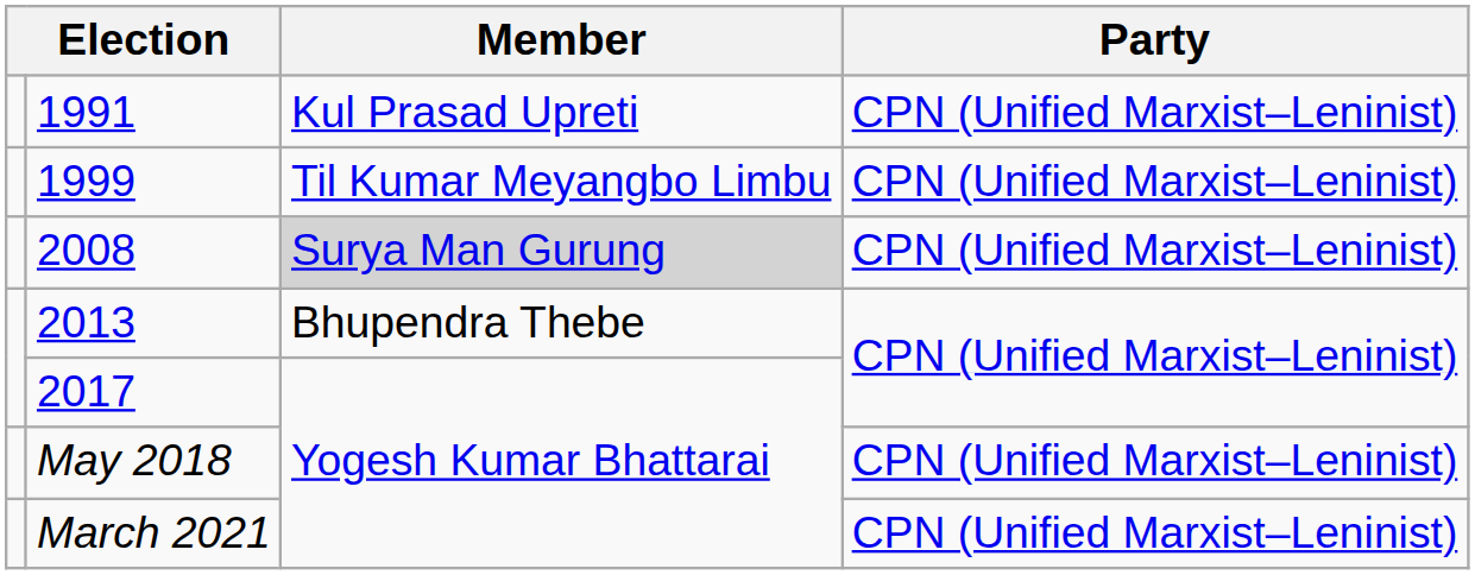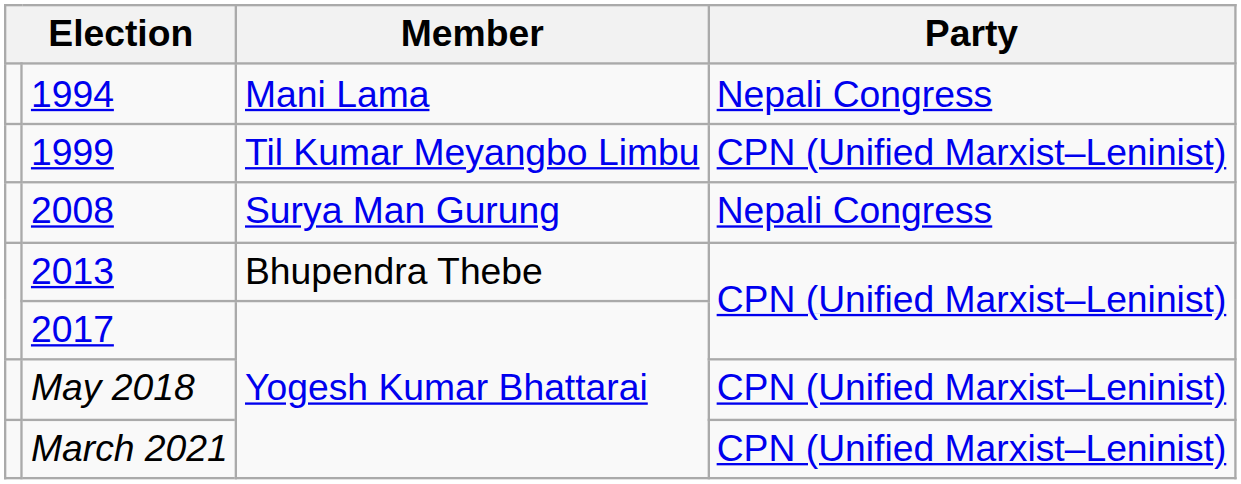 <table class="wikitable">
 <tr>
 <th colspan="2">Election</th>
 <th>Member</th>
 <th>Party</th>
 </tr>
 <tr>
 <td style="background-color:"></td>
-<td><a href='#'>1991</a></td>
-<td><a href='#'>Kul Prasad Upreti</a></td>
-<td><a href='#'>CPN (Unified Marxist–Leninist)</a></td>
+<td><a href='#'>1994</a></td>
+<td><a href='#'>Mani Lama</a></td>
+<td><a href='#'>Nepali Congress</a></td>
 </tr>
 <tr>
 <td style="background-color:"></td>
 <td><a href='#'>1999</a></td>
 <td><a href='#'>Til Kumar Meyangbo Limbu</a></td>
 <td><a href='#'>CPN (Unified Marxist–Leninist)</a></td>
 </tr>
 <tr>
 <td style="background-color:"></td>
 <td><a href='#'>2008</a></td>
-<td style="background: lightgrey;"><a href='#'>Surya Man Gurung</a></td>
-<td><a href='#'>CPN (Unified Marxist–Leninist)</a></td>
+<td><a href='#'>Surya Man Gurung</a></td>
+<td><a href='#'>Nepali Congress</a></td>
 </tr>
 <tr>
 <td rowspan="2" style="background-color:"></td>
 <td><a href='#'>2013</a></td>
 <td>Bhupendra Thebe</td>
 <td rowspan="2"><a href='#'>CPN (Unified Marxist–Leninist)</a></td>
 </tr>
 <tr>
 <td><a href='#'>2017</a></td>
 <td rowspan="3"><a href='#'>Yogesh Kumar Bhattarai</a></td>
 </tr>
 <tr>
 <td style="background-color:"></td>
 <td><em>May 2018</em></td>
 <td><a href='#'>CPN (Unified Marxist–Leninist)</a></td>
 </tr>
 <tr>
 <td style="background-color:"></td>
 <td><em>March 2021</em></td>
 <td><a href='#'>CPN (Unified Marxist–Leninist)</a></td>
 </tr>
 </table>
